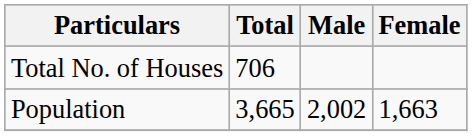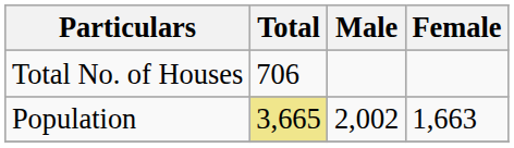 <table class="wikitable sortable">
 <tr>
 <th>Particulars</th>
 <th>Total</th>
 <th>Male</th>
 <th>Female</th>
 </tr>
 <tr>
 <td>Total No. of Houses</td>
 <td>706</td>
 <td></td>
 <td></td>
 </tr>
 <tr>
 <td>Population</td>
-<td>3,665</td>
+<td style="background: khaki;">3,665</td>
 <td>2,002</td>
 <td>1,663</td>
 </tr>
 <tr>
 </tr>
 </table>
